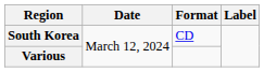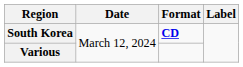 <table class="wikitable plainrowheaders">
 <tr>
 <th scope="col">Region</th>
 <th scope="col">Date</th>
 <th scope="col">Format</th>
 <th scope="col">Label</th>
 </tr>
 <tr>
 <th scope="row">South Korea</th>
 <td rowspan="2">March 12, 2024</td>
-<td><a href='#'>CD</a></td>
+<td><strong><a href='#'>CD</a></strong></td>
 <td rowspan="2"></td>
 </tr>
 <tr>
 <th scope="row">Various </th>
 <td></td>
 </tr>
 </table>
